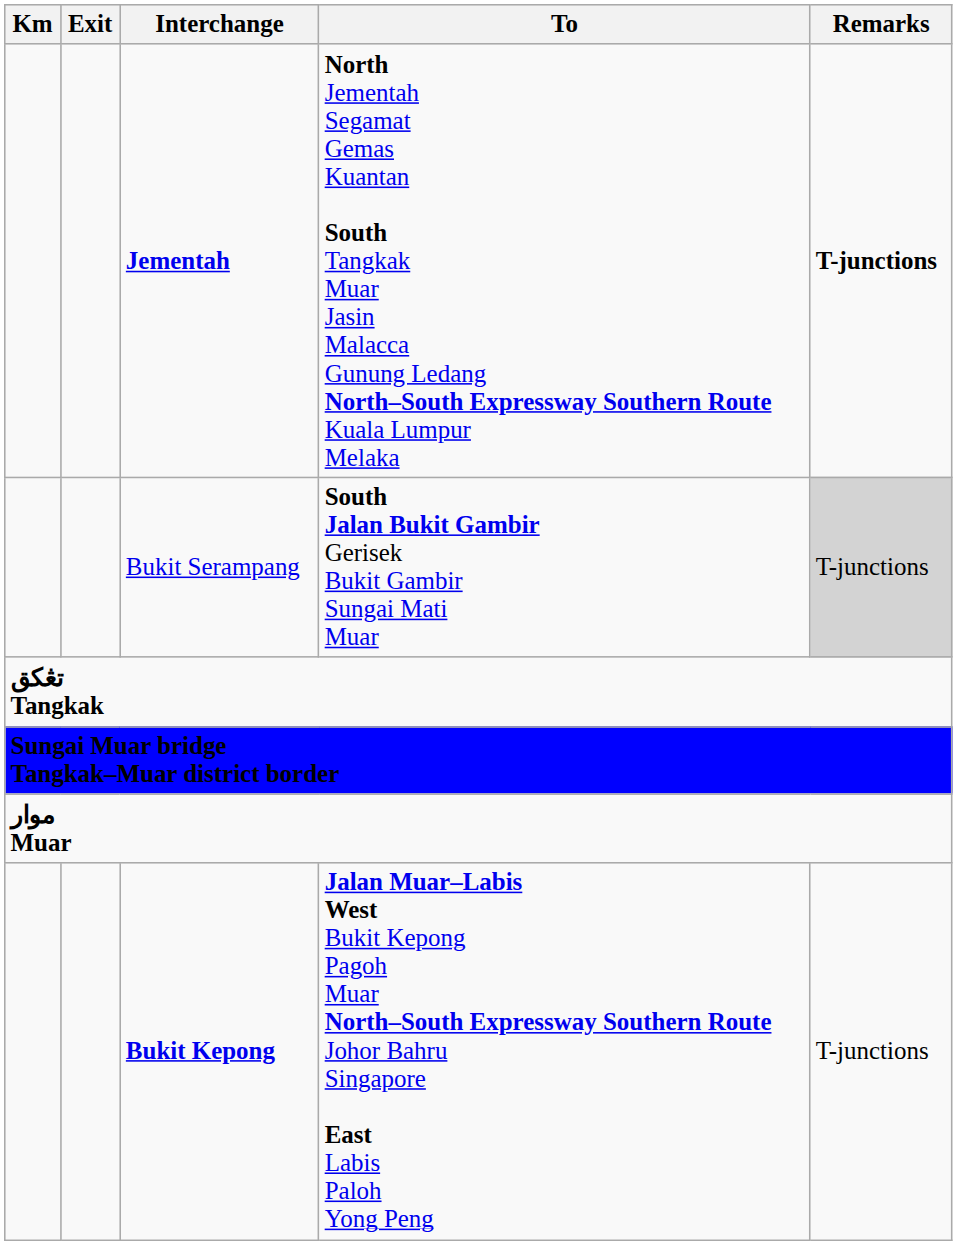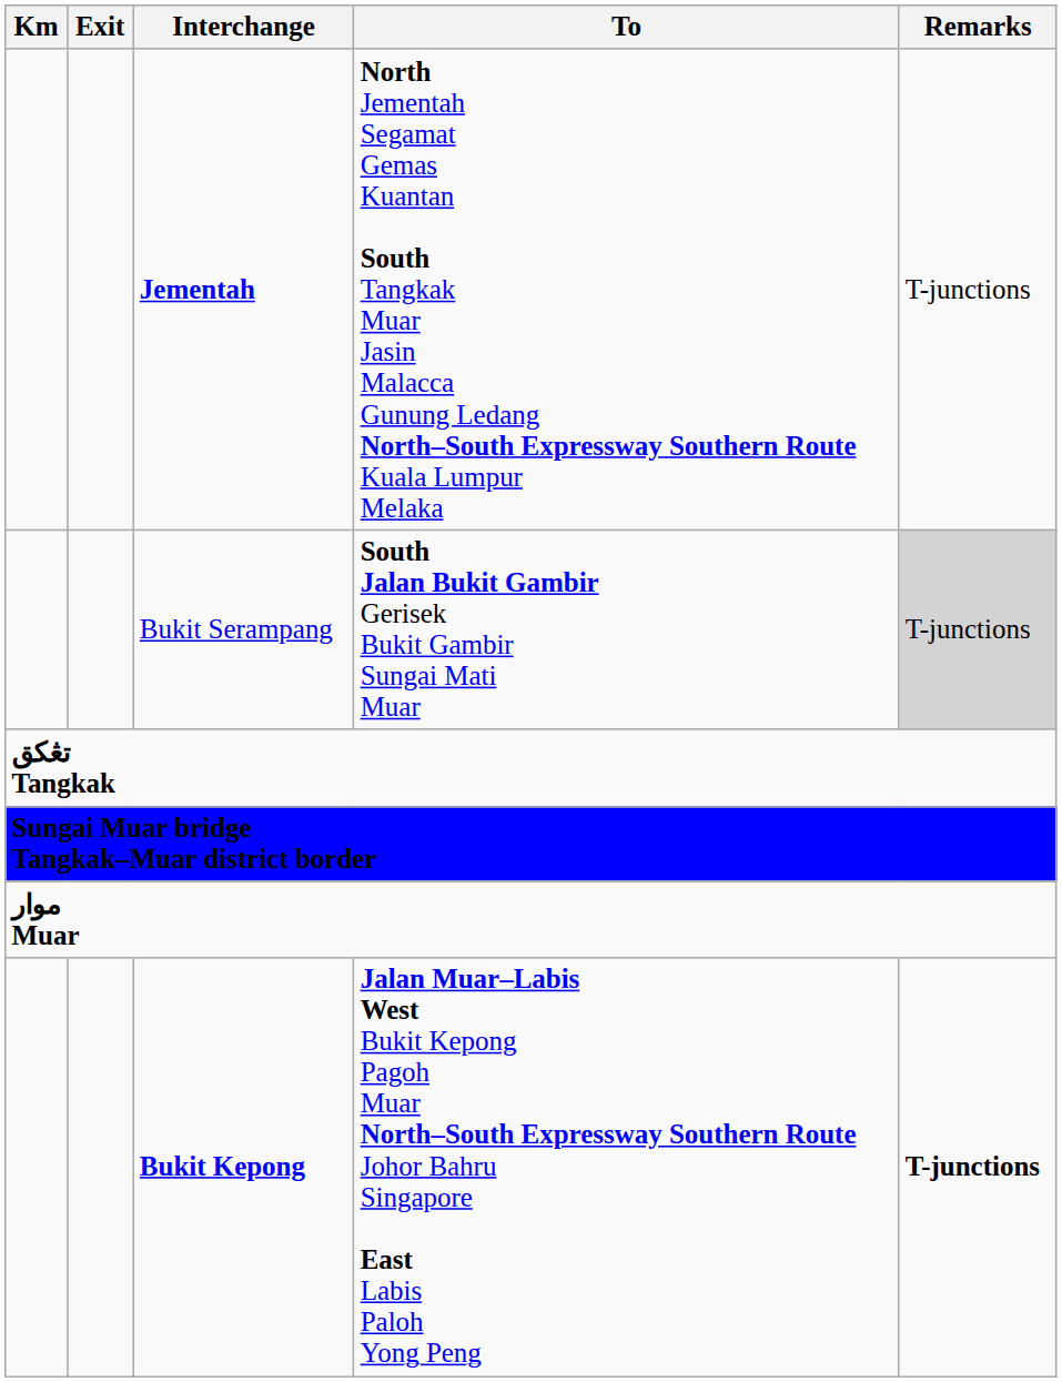 <table class="wikitable">
 <tr>
 <th>Km</th>
 <th>Exit</th>
 <th>Interchange</th>
 <th>To</th>
 <th>Remarks</th>
 </tr>
 <tr>
 <td></td>
 <td></td>
 <td><strong><a href='#'>Jementah</a></strong></td>
 <td><strong>North</strong><br> <a href='#'>Jementah</a><br> <a href='#'>Segamat</a><br> <a href='#'>Gemas</a><br> <a href='#'>Kuantan</a><br><br><strong>South</strong><br> <a href='#'>Tangkak</a><br> <a href='#'>Muar</a><br> <a href='#'>Jasin</a><br> <a href='#'>Malacca</a><br> <a href='#'>Gunung Ledang</a><br>  <strong><a href='#'>North–South Expressway Southern Route</a></strong><br><a href='#'>Kuala Lumpur</a><br><a href='#'>Melaka</a></td>
-<td><strong>T-junctions</strong></td>
+<td>T-junctions</td>
 </tr>
 <tr>
 <td></td>
 <td></td>
 <td><a href='#'>Bukit Serampang</a></td>
 <td><strong>South</strong><br> <strong><a href='#'>Jalan Bukit Gambir</a></strong><br>Gerisek<br><a href='#'>Bukit Gambir</a><br><a href='#'>Sungai Mati</a><br><a href='#'>Muar</a></td>
 <td style="background: lightgrey;">T-junctions</td>
 </tr>
 <tr>
 <td style="width:600px" colspan="6" style="text-align:center;"><strong><span>تڠکق<br>Tangkak<br></span></strong></td>
 </tr>
 <tr>
 <td style="width:600px" colspan="6" style="text-align:center" bgcolor="blue"><strong><span>Sungai Muar bridge<br>Tangkak–Muar district border</span></strong></td>
 </tr>
 <tr>
 <td style="width:600px" colspan="6" style="text-align:center; background:yellow;"><strong><span>موار<br>Muar</span></strong></td>
 </tr>
 <tr>
 <td></td>
 <td></td>
 <td><strong><a href='#'>Bukit Kepong</a></strong></td>
 <td> <strong><a href='#'>Jalan Muar–Labis</a></strong><br><strong>West</strong><br><a href='#'>Bukit Kepong</a><br><a href='#'>Pagoh</a><br><a href='#'>Muar</a><br>  <strong><a href='#'>North–South Expressway Southern Route</a></strong><br><a href='#'>Johor Bahru</a><br><a href='#'>Singapore</a><br><br><strong>East</strong><br><a href='#'>Labis</a><br><a href='#'>Paloh</a><br><a href='#'>Yong Peng</a></td>
-<td>T-junctions</td>
+<td><strong>T-junctions</strong></td>
 </tr>
 </table>
